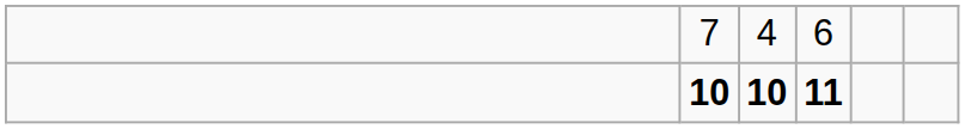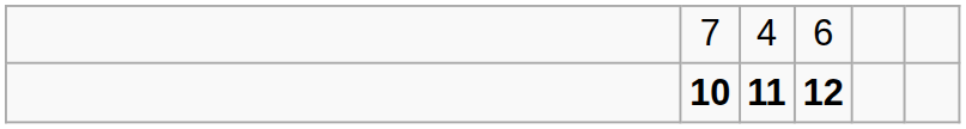 <table class="wikitable">
 <tr>
 <td style="width:18em"></td>
 <td align=center style="width:1em">7</td>
 <td align=center style="width:1em">4</td>
 <td align=center style="width:1em">6</td>
 <td align=center style="width:1em"></td>
 <td align=center style="width:1em"></td>
 </tr>
 <tr>
 <td style="width:18em"><strong></strong></td>
 <td align=center style="width:1em"><strong>10</strong></td>
-<td align=center style="width:1em"><strong>10</strong></td>
 <td align=center style="width:1em"><strong>11</strong></td>
+<td align=center style="width:1em"><strong>12</strong></td>
 <td align=center style="width:1em"></td>
 <td align=center style="width:1em"></td>
 </tr>
 </table>
